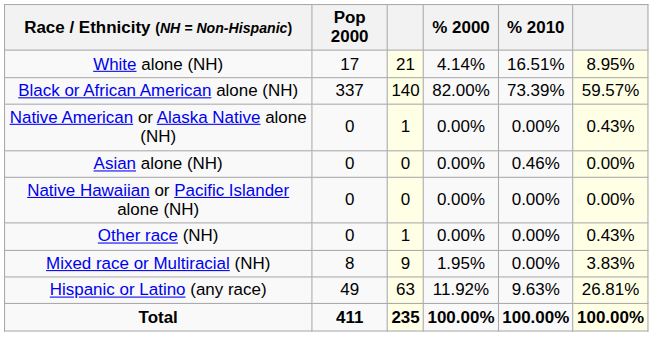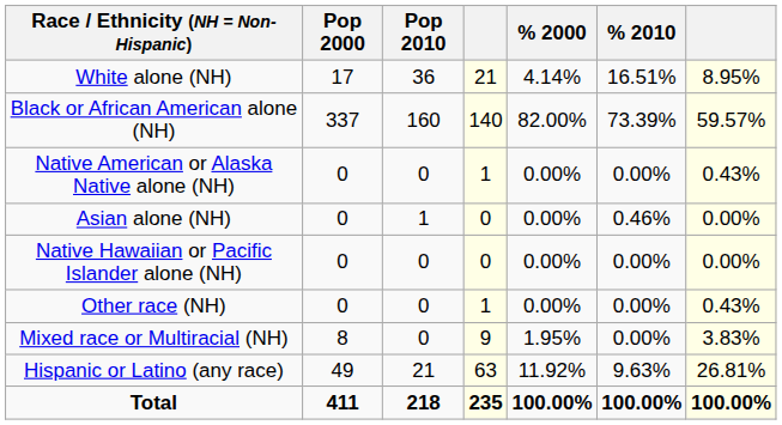 <table class="wikitable" style="text-align:center;">
 <tr>
 <th>Race / Ethnicity <small>(<em>NH = Non-Hispanic</em>)</small></th>
 <th>Pop 2000</th>
+<th>Pop 2010</th>
 <th></th>
 <th>% 2000</th>
 <th>% 2010</th>
 <th></th>
 </tr>
 <tr>
 <td><a href='#'>White</a> alone (NH)</td>
 <td>17</td>
+<td>36</td>
 <td style='background: #ffffe6;'>21</td>
 <td>4.14%</td>
 <td>16.51%</td>
 <td style='background: #ffffe6;'>8.95%</td>
 </tr>
 <tr>
 <td><a href='#'>Black or African American</a> alone (NH)</td>
 <td>337</td>
+<td>160</td>
 <td style='background: #ffffe6;'>140</td>
 <td>82.00%</td>
 <td>73.39%</td>
 <td style='background: #ffffe6;'>59.57%</td>
 </tr>
 <tr>
 <td><a href='#'>Native American</a> or <a href='#'>Alaska Native</a> alone (NH)</td>
+<td>0</td>
 <td>0</td>
 <td style='background: #ffffe6;'>1</td>
 <td>0.00%</td>
 <td>0.00%</td>
 <td style='background: #ffffe6;'>0.43%</td>
 </tr>
 <tr>
 <td><a href='#'>Asian</a> alone (NH)</td>
 <td>0</td>
+<td>1</td>
 <td style='background: #ffffe6;'>0</td>
 <td>0.00%</td>
 <td>0.46%</td>
 <td style='background: #ffffe6;'>0.00%</td>
 </tr>
 <tr>
 <td><a href='#'>Native Hawaiian</a> or <a href='#'>Pacific Islander</a> alone (NH)</td>
+<td>0</td>
 <td>0</td>
 <td style='background: #ffffe6;'>0</td>
 <td>0.00%</td>
 <td>0.00%</td>
 <td style='background: #ffffe6;'>0.00%</td>
 </tr>
 <tr>
 <td><a href='#'>Other race</a> (NH)</td>
 <td>0</td>
+<td>0</td>
 <td style='background: #ffffe6;'>1</td>
 <td>0.00%</td>
 <td>0.00%</td>
 <td style='background: #ffffe6;'>0.43%</td>
 </tr>
 <tr>
 <td><a href='#'>Mixed race or Multiracial</a> (NH)</td>
 <td>8</td>
+<td>0</td>
 <td style='background: #ffffe6;'>9</td>
 <td>1.95%</td>
 <td>0.00%</td>
 <td style='background: #ffffe6;'>3.83%</td>
 </tr>
 <tr>
 <td><a href='#'>Hispanic or Latino</a> (any race)</td>
 <td>49</td>
+<td>21</td>
 <td style='background: #ffffe6;'>63</td>
 <td>11.92%</td>
 <td>9.63%</td>
 <td style='background: #ffffe6;'>26.81%</td>
 </tr>
 <tr>
 <td><strong>Total</strong></td>
 <td><strong>411</strong></td>
+<td><strong>218</strong></td>
 <td style='background: #ffffe6;'><strong>235</strong></td>
 <td><strong>100.00%</strong></td>
 <td><strong>100.00%</strong></td>
 <td style='background: #ffffe6;'><strong>100.00%</strong></td>
 </tr>
 </table>
